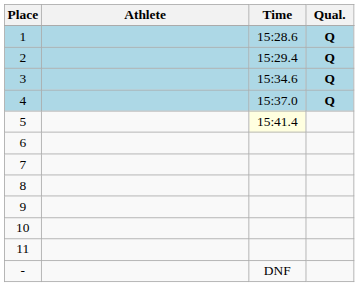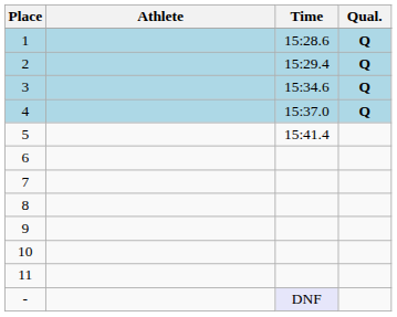 <table class=wikitable style="text-align:center">
 <tr>
 <th width=20>Place</th>
 <th width=240>Athlete</th>
 <th width=60>Time</th>
 <th width=50>Qual.</th>
 </tr>
 <tr>
 </tr>
 <tr bgcolor=lightblue>
 <td>1</td>
 <td align=left></td>
 <td>15:28.6</td>
 <td><strong>Q</strong></td>
 </tr>
 <tr bgcolor=lightblue>
 <td>2</td>
 <td align=left></td>
 <td>15:29.4</td>
 <td><strong>Q</strong></td>
 </tr>
 <tr bgcolor=lightblue>
 <td>3</td>
 <td align=left></td>
 <td>15:34.6</td>
 <td><strong>Q</strong></td>
 </tr>
 <tr bgcolor=lightblue>
 <td>4</td>
 <td align=left></td>
 <td>15:37.0</td>
 <td><strong>Q</strong></td>
 </tr>
 <tr>
 <td>5</td>
 <td align=left></td>
-<td style="background: lightyellow;">15:41.4</td>
+<td>15:41.4</td>
 <td></td>
 </tr>
 <tr>
 <td>6</td>
 <td align=left></td>
 <td></td>
 <td></td>
 </tr>
 <tr>
 <td>7</td>
 <td align=left></td>
 <td></td>
 <td></td>
 </tr>
 <tr>
 <td>8</td>
 <td align=left></td>
 <td></td>
 <td></td>
 </tr>
 <tr>
 <td>9</td>
 <td align=left></td>
 <td></td>
 <td></td>
 </tr>
 <tr>
 <td>10</td>
 <td align=left></td>
 <td></td>
 <td></td>
 </tr>
 <tr>
 <td>11</td>
 <td align=left></td>
 <td></td>
 <td></td>
 </tr>
 <tr>
 <td>-</td>
 <td align=left></td>
-<td>DNF</td>
+<td style="background: lavender;">DNF</td>
 <td></td>
 </tr>
 </table>
